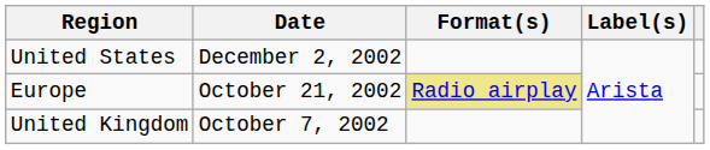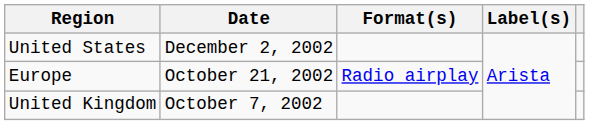 <table class="wikitable">
 <tr>
 <th>Region</th>
 <th>Date</th>
 <th>Format(s)</th>
 <th>Label(s)</th>
 <th></th>
 </tr>
 <tr>
 <td>United States</td>
 <td>December 2, 2002</td>
 <td></td>
 <td rowspan="3"><a href='#'>Arista</a></td>
 <td></td>
 </tr>
 <tr>
 <td>Europe</td>
 <td>October 21, 2002</td>
-<td style="background: khaki;"><a href='#'>Radio airplay</a></td>
+<td><a href='#'>Radio airplay</a></td>
 <td></td>
 </tr>
 <tr>
 <td>United Kingdom</td>
 <td>October 7, 2002</td>
 <td></td>
 <td></td>
 </tr>
 </table>
